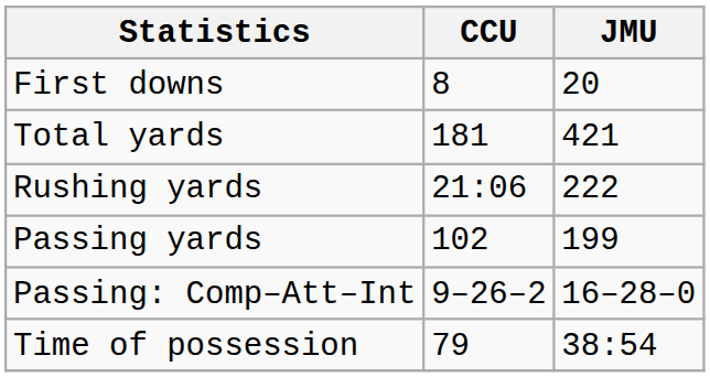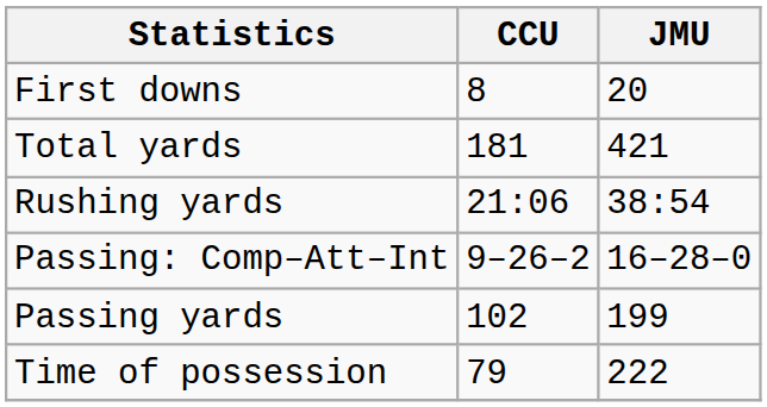 <table class="wikitable" style="float: left;">
 <tr>
 <th>Statistics</th>
 <th>CCU</th>
 <th>JMU</th>
 </tr>
 <tr>
 <td>First downs</td>
 <td>8</td>
 <td>20</td>
 </tr>
 <tr>
 <td>Total yards</td>
 <td>181</td>
 <td>421</td>
 </tr>
 <tr>
 <td>Rushing yards</td>
 <td>21:06</td>
-<td>222</td>
+<td>38:54</td>
+</tr>
+<tr>
+<td>Passing: Comp–Att–Int</td>
+<td>9–26–2</td>
+<td>16–28–0</td>
 </tr>
 <tr>
 <td>Passing yards</td>
 <td>102</td>
 <td>199</td>
 </tr>
 <tr>
-<td>Passing: Comp–Att–Int</td>
-<td>9–26–2</td>
-<td>16–28–0</td>
-</tr>
-<tr>
 <td>Time of possession</td>
 <td>79</td>
-<td>38:54</td>
+<td>222</td>
 </tr>
 <tr>
 </tr>
 </table>
